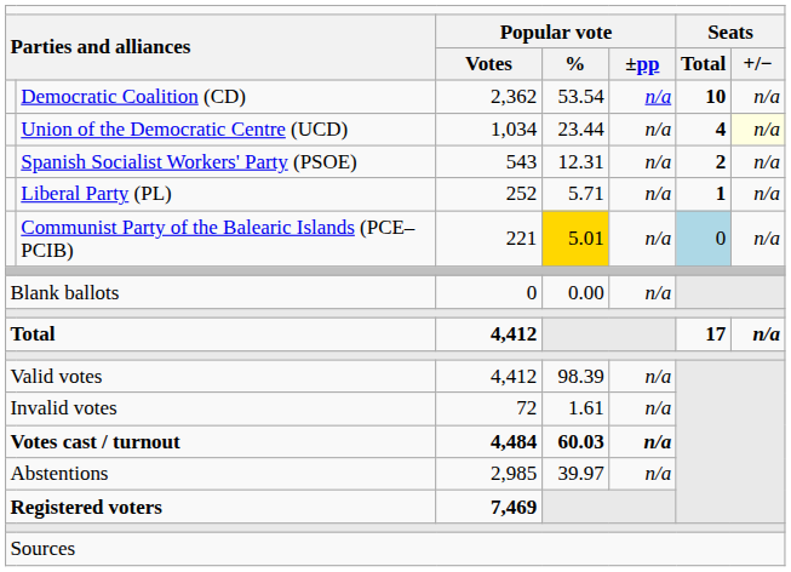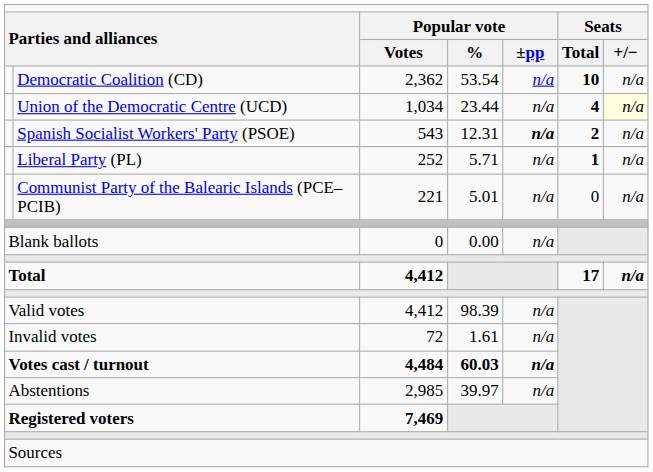 <table class="wikitable" style="text-align:right;">
 <tr>
 <td colspan="7"></td>
 </tr>
 <tr>
 <th style="text-align:left;" rowspan="2" colspan="2" width="525">Parties and alliances</th>
 <th colspan="3">Popular vote</th>
 <th colspan="2">Seats</th>
 </tr>
 <tr>
 <th width="75">Votes</th>
 <th width="45">%</th>
 <th width="45">±<a href='#'>pp</a></th>
 <th width="35">Total</th>
 <th width="35">+/−</th>
 </tr>
 <tr>
 <td width="1" style="color:inherit;background:"></td>
 <td align="left"><a href='#'>Democratic Coalition</a> (CD)</td>
 <td>2,362</td>
 <td>53.54</td>
 <td><em><a href='#'>n/a</a></em></td>
 <td><strong>10</strong></td>
 <td><em>n/a</em></td>
 </tr>
 <tr>
 <td style="color:inherit;background:"></td>
 <td align="left"><a href='#'>Union of the Democratic Centre</a> (UCD)</td>
 <td>1,034</td>
 <td>23.44</td>
 <td><em>n/a</em></td>
 <td><strong>4</strong></td>
 <td style="background: lightyellow;"><em>n/a</em></td>
 </tr>
 <tr>
 <td style="color:inherit;background:"></td>
 <td align="left"><a href='#'>Spanish Socialist Workers' Party</a> (PSOE)</td>
 <td>543</td>
 <td>12.31</td>
-<td><em>n/a</em></td>
+<td><strong><em>n/a</em></strong></td>
 <td><strong>2</strong></td>
 <td><em>n/a</em></td>
 </tr>
 <tr>
 <td style="color:inherit;background:"></td>
 <td align="left"><a href='#'>Liberal Party</a> (PL)</td>
 <td>252</td>
 <td>5.71</td>
 <td><em>n/a</em></td>
 <td><strong>1</strong></td>
 <td><em>n/a</em></td>
 </tr>
 <tr>
 <td style="color:inherit;background:"></td>
 <td align="left"><a href='#'>Communist Party of the Balearic Islands</a> (PCE–PCIB)</td>
 <td>221</td>
-<td style="background: gold;">5.01</td>
+<td>5.01</td>
 <td><em>n/a</em></td>
-<td style="background: lightblue;">0</td>
+<td>0</td>
 <td><em>n/a</em></td>
 </tr>
 <tr>
 <td colspan="7" bgcolor="#C0C0C0"></td>
 </tr>
 <tr>
 <td align="left" colspan="2">Blank ballots</td>
 <td>0</td>
 <td>0.00</td>
 <td><em>n/a</em></td>
 <td bgcolor="#E9E9E9" colspan="2"></td>
 </tr>
 <tr>
 <td colspan="7" bgcolor="#E9E9E9"></td>
 </tr>
 <tr style="font-weight:bold;">
 <td align="left" colspan="2">Total</td>
 <td>4,412</td>
 <td bgcolor="#E9E9E9" colspan="2"></td>
 <td>17</td>
 <td><em>n/a</em></td>
 </tr>
 <tr>
 <td colspan="7" bgcolor="#E9E9E9"></td>
 </tr>
 <tr>
 <td align="left" colspan="2">Valid votes</td>
 <td>4,412</td>
 <td>98.39</td>
 <td><em>n/a</em></td>
 <td bgcolor="#E9E9E9" colspan="2" rowspan="5"></td>
 </tr>
 <tr>
 <td align="left" colspan="2">Invalid votes</td>
 <td>72</td>
 <td>1.61</td>
 <td><em>n/a</em></td>
 </tr>
 <tr style="font-weight:bold;">
 <td align="left" colspan="2">Votes cast / turnout</td>
 <td>4,484</td>
 <td>60.03</td>
 <td><em>n/a</em></td>
 </tr>
 <tr>
 <td align="left" colspan="2">Abstentions</td>
 <td>2,985</td>
 <td>39.97</td>
 <td><em>n/a</em></td>
 </tr>
 <tr style="font-weight:bold;">
 <td align="left" colspan="2">Registered voters</td>
 <td>7,469</td>
 <td bgcolor="#E9E9E9" colspan="2"></td>
 </tr>
 <tr>
 <td colspan="7" bgcolor="#E9E9E9"></td>
 </tr>
 <tr>
 <td align="left" colspan="7">Sources</td>
 </tr>
 </table>
